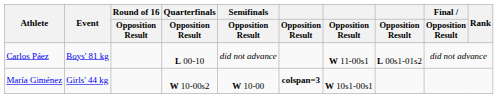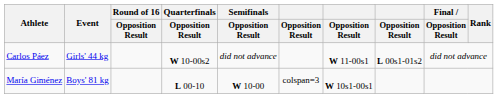 <table class="wikitable" style="font-size:90%">
 <tr>
 <th rowspan="2">Athlete</th>
 <th rowspan="2">Event</th>
 <th>Round of 16</th>
 <th>Quarterfinals</th>
 <th>Semifinals</th>
 <th></th>
 <th></th>
 <th></th>
 <th>Final / </th>
 <th rowspan=2>Rank</th>
 </tr>
 <tr style="font-size:95%">
 <th>Opposition<br>Result</th>
 <th>Opposition<br>Result</th>
 <th>Opposition<br>Result</th>
 <th>Opposition<br>Result</th>
 <th>Opposition<br>Result</th>
 <th>Opposition<br>Result</th>
 <th>Opposition<br>Result</th>
 </tr>
 <tr align=center>
 <td align=left><a href='#'>Carlos Páez</a></td>
-<td align=left><a href='#'>Boys' 81 kg</a></td>
+<td align=left><a href='#'>Girls' 44 kg</a></td>
 <td></td>
-<td><br> <strong>L</strong> 00-10</td>
+<td><br> <strong>W</strong> 10-00s2</td>
 <td><em>did not advance</em></td>
 <td></td>
 <td><br> <strong>W</strong> 11-00s1</td>
 <td><br> <strong>L</strong> 00s1-01s2</td>
 <td colspan=2><em>did not advance</em></td>
 </tr>
 <tr align=center>
 <td align=left><a href='#'>María Giménez</a></td>
-<td align=left><a href='#'>Girls' 44 kg</a></td>
+<td align=left><a href='#'>Boys' 81 kg</a></td>
 <td></td>
-<td><br> <strong>W</strong> 10-00s2</td>
+<td><br> <strong>L</strong> 00-10</td>
 <td><br> <strong>W</strong> 10-00</td>
-<td><strong>colspan=3 </strong></td>
+<td>colspan=3 </td>
 <td><br> <strong>W</strong> 10s1-00s1</td>
 <td></td>
 </tr>
 </table>
